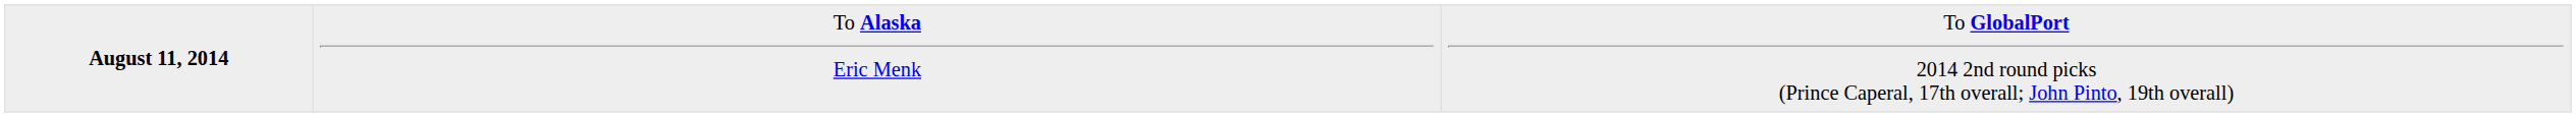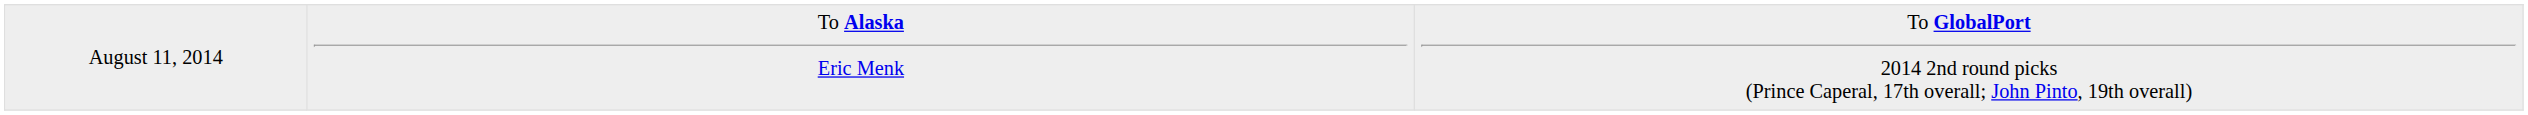 <table border=1 style="border-collapse:collapse; text-align: center; width: 100%" bordercolor="#DFDFDF"  cellpadding="5">
 <tr>
 </tr>
 <tr bgcolor="eeeeee">
-<td style="width:12%"><strong>August 11, 2014<br></strong></td>
+<td style="width:12%">August 11, 2014<br></td>
 <td style="width:44%" valign="top">To <strong><a href='#'>Alaska</a></strong><hr><a href='#'>Eric Menk</a></td>
 <td style="width:44%" valign="top">To <strong><a href='#'>GlobalPort</a></strong><hr>2014 2nd round picks<br>(Prince Caperal, 17th overall; <a href='#'>John Pinto</a>, 19th overall)</td>
 </tr>
 </table>
